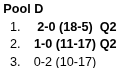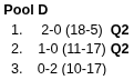 <table style="text-align:center">
 <tr>
 <td colspan=4 align=left><strong>Pool D</strong></td>
 </tr>
 <tr>
 <td width=30>1.</td>
 <td align=left></td>
-<td width=80><strong>2-0 (18-5)</strong></td>
+<td width=80>2-0 (18-5)</td>
 <td><strong>Q2</strong></td>
 </tr>
 <tr>
 <td>2.</td>
 <td align=left></td>
-<td><strong>1-0 (11-17)</strong></td>
+<td>1-0 (11-17)</td>
 <td><strong>Q2</strong></td>
 </tr>
 <tr>
 <td>3.</td>
 <td align=left></td>
 <td>0-2 (10-17)</td>
 <td></td>
 </tr>
 </table>
